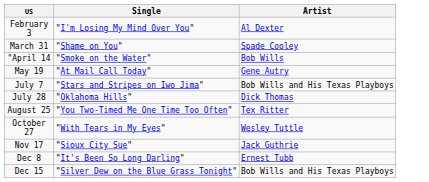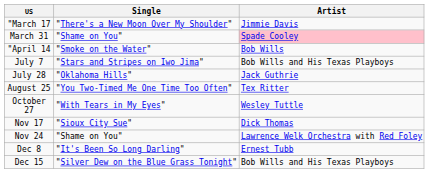 <table class="wikitable sortable">
 <tr>
 <th width="75"><small>US</small></th>
 <th>Single</th>
 <th>Artist</th>
 </tr>
 <tr>
-<td align="center">February 3</td>
-<td>"<a href='#'>I'm Losing My Mind Over You</a>"</td>
-<td><a href='#'>Al Dexter</a></td>
+<td align="center">"March 17</td>
+<td>"<a href='#'>There's a New Moon Over My Shoulder</a>"</td>
+<td><a href='#'>Jimmie Davis</a></td>
 </tr>
 <tr>
 <td align="center">March 31</td>
 <td>"<a href='#'>Shame on You</a>"</td>
-<td><a href='#'>Spade Cooley</a></td>
+<td style="background: pink;"><a href='#'>Spade Cooley</a></td>
 </tr>
 <tr>
 <td align="center">"April 14</td>
 <td>"<a href='#'>Smoke on the Water</a>"</td>
 <td><a href='#'>Bob Wills</a></td>
-</tr>
-<tr>
-<td align="center">May 19</td>
-<td>"<a href='#'>At Mail Call Today</a>"</td>
-<td><a href='#'>Gene Autry</a></td>
 </tr>
 <tr>
 <td align="center">July 7</td>
 <td>"<a href='#'>Stars and Stripes on Iwo Jima</a>"</td>
 <td>Bob Wills and His Texas Playboys</td>
 </tr>
 <tr>
 <td align="center">July 28</td>
 <td>"<a href='#'>Oklahoma Hills</a>"</td>
-<td><a href='#'>Dick Thomas</a></td>
+<td><a href='#'>Jack Guthrie</a></td>
 </tr>
 <tr>
 <td align="center">August 25</td>
 <td>"<a href='#'>You Two-Timed Me One Time Too Often</a>"</td>
 <td><a href='#'>Tex Ritter</a></td>
 </tr>
 <tr>
 <td align="center">October 27</td>
 <td>"<a href='#'>With Tears in My Eyes</a>"</td>
 <td><a href='#'>Wesley Tuttle</a></td>
 </tr>
 <tr>
 <td align="center">Nov 17</td>
 <td>"<a href='#'>Sioux City Sue</a>"</td>
-<td><a href='#'>Jack Guthrie</a></td>
+<td><a href='#'>Dick Thomas</a></td>
+</tr>
+<tr>
+<td align="center">Nov 24</td>
+<td>"Shame on You"</td>
+<td><a href='#'>Lawrence Welk Orchestra</a> with <a href='#'>Red Foley</a></td>
 </tr>
 <tr>
 <td align="center">Dec 8</td>
 <td>"<a href='#'>It's Been So Long Darling</a>"</td>
 <td><a href='#'>Ernest Tubb</a></td>
 </tr>
 <tr>
 <td align="center">Dec 15</td>
 <td>"<a href='#'>Silver Dew on the Blue Grass Tonight</a>"</td>
 <td>Bob Wills and His Texas Playboys</td>
 </tr>
 </table>
